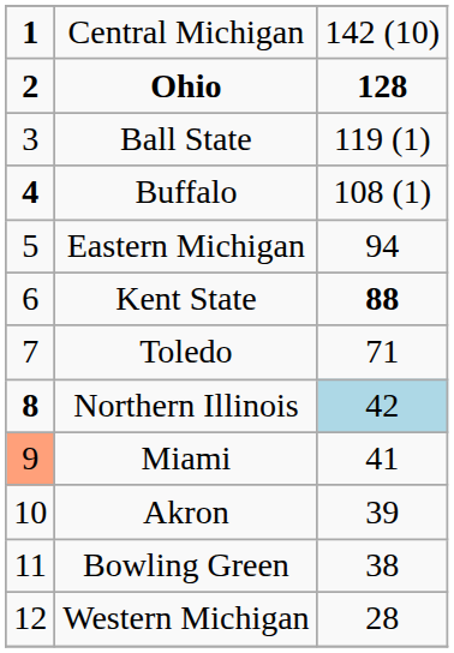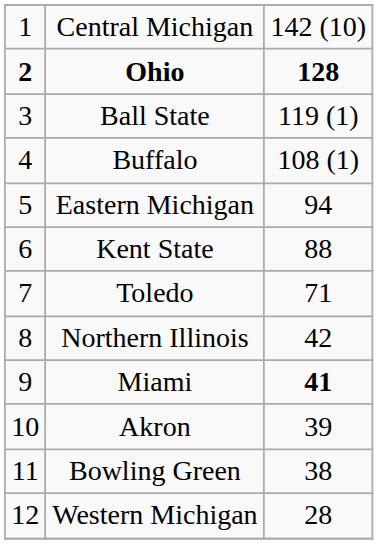 <table class="wikitable" border="1">
 <tr align=center>
 </tr>
 <tr align="center">
-<td><strong>1</strong></td>
+<td>1</td>
 <td>Central Michigan</td>
 <td>142 (10)</td>
 </tr>
 <tr align="center">
 <td><strong>2</strong></td>
 <td><strong>Ohio</strong></td>
 <td><strong>128</strong></td>
 </tr>
 <tr align="center">
 <td>3</td>
 <td>Ball State</td>
 <td>119 (1)</td>
 </tr>
 <tr align="center">
-<td><strong>4</strong></td>
+<td>4</td>
 <td>Buffalo</td>
 <td>108 (1)</td>
 </tr>
 <tr align="center">
 <td>5</td>
 <td>Eastern Michigan</td>
 <td>94</td>
 </tr>
 <tr align="center">
 <td>6</td>
 <td>Kent State</td>
-<td><strong>88</strong></td>
+<td>88</td>
 </tr>
 <tr align="center">
 <td>7</td>
 <td>Toledo</td>
 <td>71</td>
 </tr>
 <tr align="center">
-<td><strong>8</strong></td>
+<td>8</td>
 <td>Northern Illinois</td>
-<td style="background: lightblue;">42</td>
+<td>42</td>
 </tr>
 <tr align="center">
-<td style="background: lightsalmon;">9</td>
+<td>9</td>
 <td>Miami</td>
-<td>41</td>
+<td><strong>41</strong></td>
 </tr>
 <tr align="center">
 <td>10</td>
 <td>Akron</td>
 <td>39</td>
 </tr>
 <tr align="center">
 <td>11</td>
 <td>Bowling Green</td>
 <td>38</td>
 </tr>
 <tr align="center">
 <td>12</td>
 <td>Western Michigan</td>
 <td>28</td>
 </tr>
 <tr align="center">
 </tr>
 </table>
